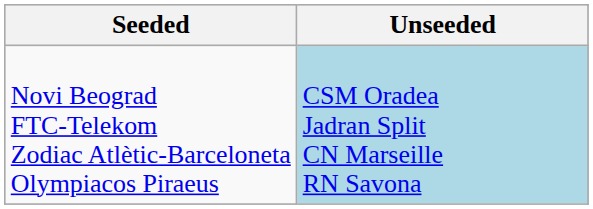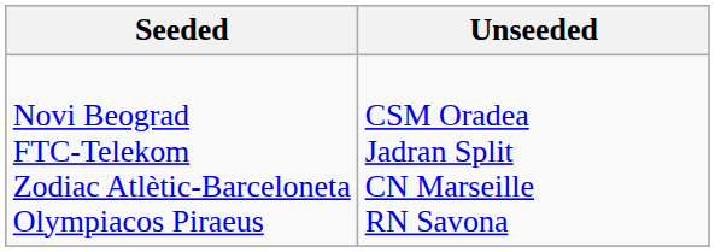 <table class="wikitable collapsible collapsed">
 <tr>
 <th width=50%>Seeded</th>
 <th width=50%>Unseeded</th>
 </tr>
 <tr>
 <td><br> <a href='#'>Novi Beograd</a><br>  <a href='#'>FTC-Telekom</a><br>  <a href='#'>Zodiac Atlètic-Barceloneta</a><br>  <a href='#'>Olympiacos Piraeus</a></td>
-<td style="background: lightblue;"><br> <a href='#'>CSM Oradea</a><br>  <a href='#'>Jadran Split</a><br>  <a href='#'>CN Marseille</a><br>  <a href='#'>RN Savona</a></td>
+<td><br> <a href='#'>CSM Oradea</a><br>  <a href='#'>Jadran Split</a><br>  <a href='#'>CN Marseille</a><br>  <a href='#'>RN Savona</a></td>
 </tr>
 </table>
